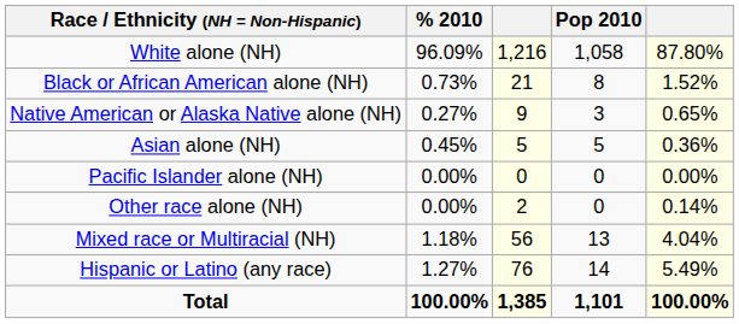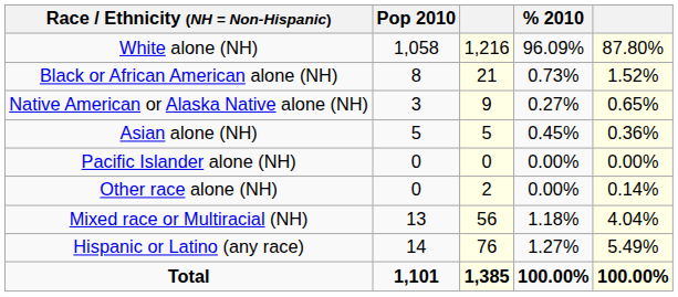 <table class="wikitable" style="text-align:center;">
 <tr>
 <th>Race / Ethnicity <small>(<em>NH = Non-Hispanic</em>)</small></th>
+<th>Pop 2010</th>
+<th></th>
 <th>% 2010</th>
-<th></th>
-<th>Pop 2010</th>
 <th></th>
 </tr>
 <tr>
 <td><a href='#'>White</a> alone (NH)</td>
+<td>1,058</td>
+<td style='background: #ffffe6;'>1,216</td>
 <td>96.09%</td>
-<td style='background: #ffffe6;'>1,216</td>
-<td>1,058</td>
 <td style='background: #ffffe6;'>87.80%</td>
 </tr>
 <tr>
 <td><a href='#'>Black or African American</a> alone (NH)</td>
+<td>8</td>
+<td style='background: #ffffe6;'>21</td>
 <td>0.73%</td>
-<td style='background: #ffffe6;'>21</td>
-<td>8</td>
 <td style='background: #ffffe6;'>1.52%</td>
 </tr>
 <tr>
 <td><a href='#'>Native American</a> or <a href='#'>Alaska Native</a> alone (NH)</td>
+<td>3</td>
+<td style='background: #ffffe6;'>9</td>
 <td>0.27%</td>
-<td style='background: #ffffe6;'>9</td>
-<td>3</td>
 <td style='background: #ffffe6;'>0.65%</td>
 </tr>
 <tr>
 <td><a href='#'>Asian</a> alone (NH)</td>
+<td>5</td>
+<td style='background: #ffffe6;'>5</td>
 <td>0.45%</td>
-<td style='background: #ffffe6;'>5</td>
-<td>5</td>
 <td style='background: #ffffe6;'>0.36%</td>
 </tr>
 <tr>
 <td><a href='#'>Pacific Islander</a> alone (NH)</td>
+<td>0</td>
+<td style='background: #ffffe6;'>0</td>
 <td>0.00%</td>
-<td style='background: #ffffe6;'>0</td>
-<td>0</td>
 <td style='background: #ffffe6;'>0.00%</td>
 </tr>
 <tr>
 <td><a href='#'>Other race</a> alone (NH)</td>
+<td>0</td>
+<td style='background: #ffffe6;'>2</td>
 <td>0.00%</td>
-<td style='background: #ffffe6;'>2</td>
-<td>0</td>
 <td style='background: #ffffe6;'>0.14%</td>
 </tr>
 <tr>
 <td><a href='#'>Mixed race or Multiracial</a> (NH)</td>
+<td>13</td>
+<td style='background: #ffffe6;'>56</td>
 <td>1.18%</td>
-<td style='background: #ffffe6;'>56</td>
-<td>13</td>
 <td style='background: #ffffe6;'>4.04%</td>
 </tr>
 <tr>
 <td><a href='#'>Hispanic or Latino</a> (any race)</td>
+<td>14</td>
+<td style='background: #ffffe6;'>76</td>
 <td>1.27%</td>
-<td style='background: #ffffe6;'>76</td>
-<td>14</td>
 <td style='background: #ffffe6;'>5.49%</td>
 </tr>
 <tr>
 <td><strong>Total</strong></td>
+<td><strong>1,101</strong></td>
+<td style='background: #ffffe6;'><strong>1,385</strong></td>
 <td><strong>100.00%</strong></td>
-<td style='background: #ffffe6;'><strong>1,385</strong></td>
-<td><strong>1,101</strong></td>
 <td style='background: #ffffe6;'><strong>100.00%</strong></td>
 </tr>
 </table>
